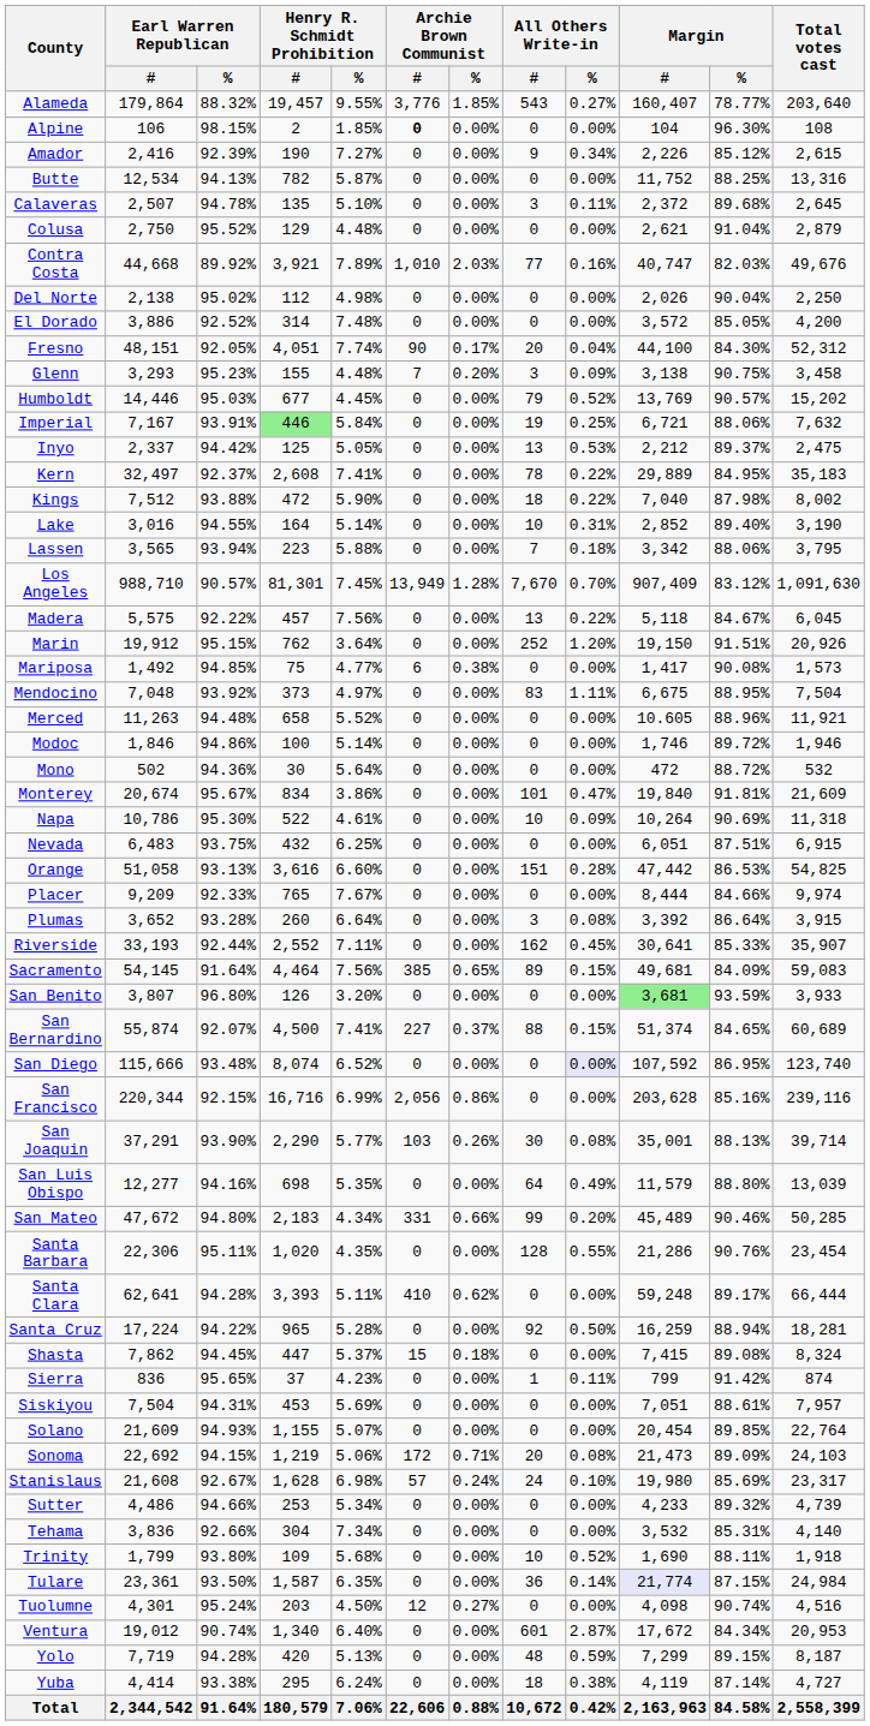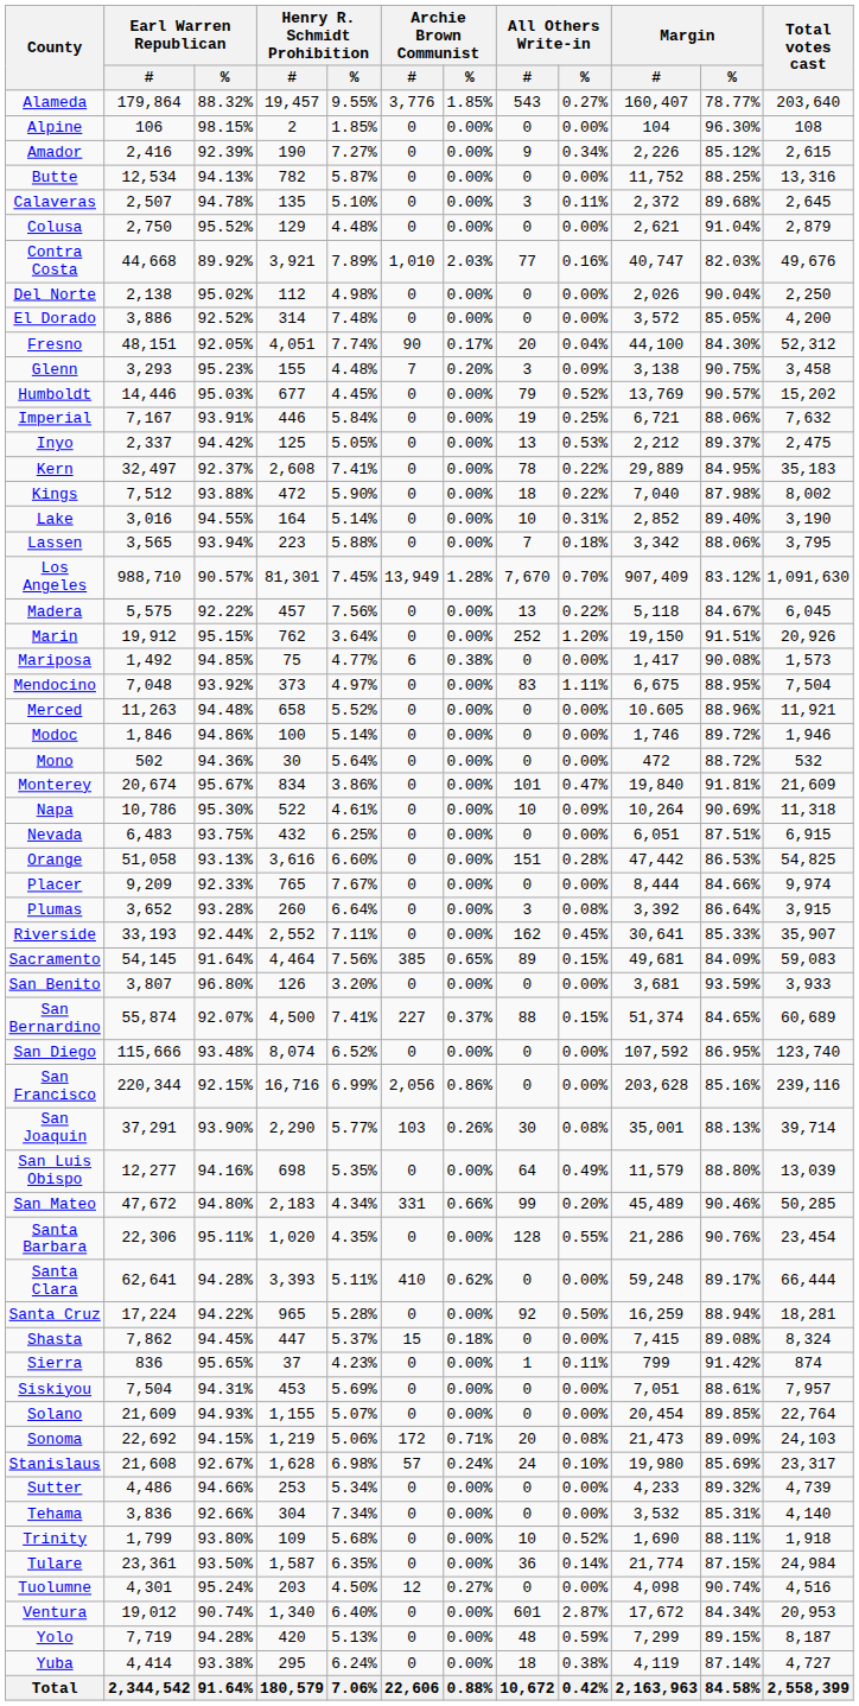 <table class="wikitable sortable" style="text-align:center">
 <tr>
 <th rowspan="2">County</th>
 <th style="text-align:center;" colspan="2">Earl Warren<br>Republican</th>
 <th style="text-align:center;" colspan="2">Henry R. Schmidt<br>Prohibition</th>
 <th style="text-align:center;" colspan="2">Archie Brown<br>Communist</th>
 <th style="text-align:center;" colspan="2">All Others<br>Write-in</th>
 <th style="text-align:center;" colspan="2">Margin</th>
 <th style="text-align:center;" rowspan="2">Total votes cast</th>
 </tr>
 <tr>
 <th style="text-align:center;" data-sort-type="number">#</th>
 <th style="text-align:center;" data-sort-type="number">%</th>
 <th style="text-align:center;" data-sort-type="number">#</th>
 <th style="text-align:center;" data-sort-type="number">%</th>
 <th style="text-align:center;" data-sort-type="number">#</th>
 <th style="text-align:center;" data-sort-type="number">%</th>
 <th style="text-align:center;" data-sort-type="number">#</th>
 <th style="text-align:center;" data-sort-type="number">%</th>
 <th style="text-align:center;" data-sort-type="number">#</th>
 <th style="text-align:center;" data-sort-type="number">%</th>
 </tr>
 <tr style="text-align:center;">
 <td><a href='#'>Alameda</a></td>
 <td>179,864</td>
 <td>88.32%</td>
 <td>19,457</td>
 <td>9.55%</td>
 <td>3,776</td>
 <td>1.85%</td>
 <td>543</td>
 <td>0.27%</td>
 <td>160,407</td>
 <td>78.77%</td>
 <td>203,640</td>
 </tr>
 <tr style="text-align:center;">
 <td><a href='#'>Alpine</a></td>
 <td>106</td>
 <td>98.15%</td>
 <td>2</td>
 <td>1.85%</td>
-<td><strong>0</strong></td>
+<td>0</td>
 <td>0.00%</td>
 <td>0</td>
 <td>0.00%</td>
 <td>104</td>
 <td>96.30%</td>
 <td>108</td>
 </tr>
 <tr style="text-align:center;">
 <td><a href='#'>Amador</a></td>
 <td>2,416</td>
 <td>92.39%</td>
 <td>190</td>
 <td>7.27%</td>
 <td>0</td>
 <td>0.00%</td>
 <td>9</td>
 <td>0.34%</td>
 <td>2,226</td>
 <td>85.12%</td>
 <td>2,615</td>
 </tr>
 <tr style="text-align:center;">
 <td><a href='#'>Butte</a></td>
 <td>12,534</td>
 <td>94.13%</td>
 <td>782</td>
 <td>5.87%</td>
 <td>0</td>
 <td>0.00%</td>
 <td>0</td>
 <td>0.00%</td>
 <td>11,752</td>
 <td>88.25%</td>
 <td>13,316</td>
 </tr>
 <tr style="text-align:center;">
 <td><a href='#'>Calaveras</a></td>
 <td>2,507</td>
 <td>94.78%</td>
 <td>135</td>
 <td>5.10%</td>
 <td>0</td>
 <td>0.00%</td>
 <td>3</td>
 <td>0.11%</td>
 <td>2,372</td>
 <td>89.68%</td>
 <td>2,645</td>
 </tr>
 <tr style="text-align:center;">
 <td><a href='#'>Colusa</a></td>
 <td>2,750</td>
 <td>95.52%</td>
 <td>129</td>
 <td>4.48%</td>
 <td>0</td>
 <td>0.00%</td>
 <td>0</td>
 <td>0.00%</td>
 <td>2,621</td>
 <td>91.04%</td>
 <td>2,879</td>
 </tr>
 <tr style="text-align:center;">
 <td><a href='#'>Contra Costa</a></td>
 <td>44,668</td>
 <td>89.92%</td>
 <td>3,921</td>
 <td>7.89%</td>
 <td>1,010</td>
 <td>2.03%</td>
 <td>77</td>
 <td>0.16%</td>
 <td>40,747</td>
 <td>82.03%</td>
 <td>49,676</td>
 </tr>
 <tr style="text-align:center;">
 <td><a href='#'>Del Norte</a></td>
 <td>2,138</td>
 <td>95.02%</td>
 <td>112</td>
 <td>4.98%</td>
 <td>0</td>
 <td>0.00%</td>
 <td>0</td>
 <td>0.00%</td>
 <td>2,026</td>
 <td>90.04%</td>
 <td>2,250</td>
 </tr>
 <tr style="text-align:center;">
 <td><a href='#'>El Dorado</a></td>
 <td>3,886</td>
 <td>92.52%</td>
 <td>314</td>
 <td>7.48%</td>
 <td>0</td>
 <td>0.00%</td>
 <td>0</td>
 <td>0.00%</td>
 <td>3,572</td>
 <td>85.05%</td>
 <td>4,200</td>
 </tr>
 <tr style="text-align:center;">
 <td><a href='#'>Fresno</a></td>
 <td>48,151</td>
 <td>92.05%</td>
 <td>4,051</td>
 <td>7.74%</td>
 <td>90</td>
 <td>0.17%</td>
 <td>20</td>
 <td>0.04%</td>
 <td>44,100</td>
 <td>84.30%</td>
 <td>52,312</td>
 </tr>
 <tr style="text-align:center;">
 <td><a href='#'>Glenn</a></td>
 <td>3,293</td>
 <td>95.23%</td>
 <td>155</td>
 <td>4.48%</td>
 <td>7</td>
 <td>0.20%</td>
 <td>3</td>
 <td>0.09%</td>
 <td>3,138</td>
 <td>90.75%</td>
 <td>3,458</td>
 </tr>
 <tr style="text-align:center;">
 <td><a href='#'>Humboldt</a></td>
 <td>14,446</td>
 <td>95.03%</td>
 <td>677</td>
 <td>4.45%</td>
 <td>0</td>
 <td>0.00%</td>
 <td>79</td>
 <td>0.52%</td>
 <td>13,769</td>
 <td>90.57%</td>
 <td>15,202</td>
 </tr>
 <tr style="text-align:center;">
 <td><a href='#'>Imperial</a></td>
 <td>7,167</td>
 <td>93.91%</td>
-<td style="background: lightgreen;">446</td>
+<td>446</td>
 <td>5.84%</td>
 <td>0</td>
 <td>0.00%</td>
 <td>19</td>
 <td>0.25%</td>
 <td>6,721</td>
 <td>88.06%</td>
 <td>7,632</td>
 </tr>
 <tr style="text-align:center;">
 <td><a href='#'>Inyo</a></td>
 <td>2,337</td>
 <td>94.42%</td>
 <td>125</td>
 <td>5.05%</td>
 <td>0</td>
 <td>0.00%</td>
 <td>13</td>
 <td>0.53%</td>
 <td>2,212</td>
 <td>89.37%</td>
 <td>2,475</td>
 </tr>
 <tr style="text-align:center;">
 <td><a href='#'>Kern</a></td>
 <td>32,497</td>
 <td>92.37%</td>
 <td>2,608</td>
 <td>7.41%</td>
 <td>0</td>
 <td>0.00%</td>
 <td>78</td>
 <td>0.22%</td>
 <td>29,889</td>
 <td>84.95%</td>
 <td>35,183</td>
 </tr>
 <tr style="text-align:center;">
 <td><a href='#'>Kings</a></td>
 <td>7,512</td>
 <td>93.88%</td>
 <td>472</td>
 <td>5.90%</td>
 <td>0</td>
 <td>0.00%</td>
 <td>18</td>
 <td>0.22%</td>
 <td>7,040</td>
 <td>87.98%</td>
 <td>8,002</td>
 </tr>
 <tr style="text-align:center;">
 <td><a href='#'>Lake</a></td>
 <td>3,016</td>
 <td>94.55%</td>
 <td>164</td>
 <td>5.14%</td>
 <td>0</td>
 <td>0.00%</td>
 <td>10</td>
 <td>0.31%</td>
 <td>2,852</td>
 <td>89.40%</td>
 <td>3,190</td>
 </tr>
 <tr style="text-align:center;">
 <td><a href='#'>Lassen</a></td>
 <td>3,565</td>
 <td>93.94%</td>
 <td>223</td>
 <td>5.88%</td>
 <td>0</td>
 <td>0.00%</td>
 <td>7</td>
 <td>0.18%</td>
 <td>3,342</td>
 <td>88.06%</td>
 <td>3,795</td>
 </tr>
 <tr style="text-align:center;">
 <td><a href='#'>Los Angeles</a></td>
 <td>988,710</td>
 <td>90.57%</td>
 <td>81,301</td>
 <td>7.45%</td>
 <td>13,949</td>
 <td>1.28%</td>
 <td>7,670</td>
 <td>0.70%</td>
 <td>907,409</td>
 <td>83.12%</td>
 <td>1,091,630</td>
 </tr>
 <tr style="text-align:center;">
 <td><a href='#'>Madera</a></td>
 <td>5,575</td>
 <td>92.22%</td>
 <td>457</td>
 <td>7.56%</td>
 <td>0</td>
 <td>0.00%</td>
 <td>13</td>
 <td>0.22%</td>
 <td>5,118</td>
 <td>84.67%</td>
 <td>6,045</td>
 </tr>
 <tr style="text-align:center;">
 <td><a href='#'>Marin</a></td>
 <td>19,912</td>
 <td>95.15%</td>
 <td>762</td>
 <td>3.64%</td>
 <td>0</td>
 <td>0.00%</td>
 <td>252</td>
 <td>1.20%</td>
 <td>19,150</td>
 <td>91.51%</td>
 <td>20,926</td>
 </tr>
 <tr style="text-align:center;">
 <td><a href='#'>Mariposa</a></td>
 <td>1,492</td>
 <td>94.85%</td>
 <td>75</td>
 <td>4.77%</td>
 <td>6</td>
 <td>0.38%</td>
 <td>0</td>
 <td>0.00%</td>
 <td>1,417</td>
 <td>90.08%</td>
 <td>1,573</td>
 </tr>
 <tr style="text-align:center;">
 <td><a href='#'>Mendocino</a></td>
 <td>7,048</td>
 <td>93.92%</td>
 <td>373</td>
 <td>4.97%</td>
 <td>0</td>
 <td>0.00%</td>
 <td>83</td>
 <td>1.11%</td>
 <td>6,675</td>
 <td>88.95%</td>
 <td>7,504</td>
 </tr>
 <tr style="text-align:center;">
 <td><a href='#'>Merced</a></td>
 <td>11,263</td>
 <td>94.48%</td>
 <td>658</td>
 <td>5.52%</td>
 <td>0</td>
 <td>0.00%</td>
 <td>0</td>
 <td>0.00%</td>
 <td>10.605</td>
 <td>88.96%</td>
 <td>11,921</td>
 </tr>
 <tr style="text-align:center;">
 <td><a href='#'>Modoc</a></td>
 <td>1,846</td>
 <td>94.86%</td>
 <td>100</td>
 <td>5.14%</td>
 <td>0</td>
 <td>0.00%</td>
 <td>0</td>
 <td>0.00%</td>
 <td>1,746</td>
 <td>89.72%</td>
 <td>1,946</td>
 </tr>
 <tr style="text-align:center;">
 <td><a href='#'>Mono</a></td>
 <td>502</td>
 <td>94.36%</td>
 <td>30</td>
 <td>5.64%</td>
 <td>0</td>
 <td>0.00%</td>
 <td>0</td>
 <td>0.00%</td>
 <td>472</td>
 <td>88.72%</td>
 <td>532</td>
 </tr>
 <tr style="text-align:center;">
 <td><a href='#'>Monterey</a></td>
 <td>20,674</td>
 <td>95.67%</td>
 <td>834</td>
 <td>3.86%</td>
 <td>0</td>
 <td>0.00%</td>
 <td>101</td>
 <td>0.47%</td>
 <td>19,840</td>
 <td>91.81%</td>
 <td>21,609</td>
 </tr>
 <tr style="text-align:center;">
 <td><a href='#'>Napa</a></td>
 <td>10,786</td>
 <td>95.30%</td>
 <td>522</td>
 <td>4.61%</td>
 <td>0</td>
 <td>0.00%</td>
 <td>10</td>
 <td>0.09%</td>
 <td>10,264</td>
 <td>90.69%</td>
 <td>11,318</td>
 </tr>
 <tr style="text-align:center;">
 <td><a href='#'>Nevada</a></td>
 <td>6,483</td>
 <td>93.75%</td>
 <td>432</td>
 <td>6.25%</td>
 <td>0</td>
 <td>0.00%</td>
 <td>0</td>
 <td>0.00%</td>
 <td>6,051</td>
 <td>87.51%</td>
 <td>6,915</td>
 </tr>
 <tr style="text-align:center;">
 <td><a href='#'>Orange</a></td>
 <td>51,058</td>
 <td>93.13%</td>
 <td>3,616</td>
 <td>6.60%</td>
 <td>0</td>
 <td>0.00%</td>
 <td>151</td>
 <td>0.28%</td>
 <td>47,442</td>
 <td>86.53%</td>
 <td>54,825</td>
 </tr>
 <tr style="text-align:center;">
 <td><a href='#'>Placer</a></td>
 <td>9,209</td>
 <td>92.33%</td>
 <td>765</td>
 <td>7.67%</td>
 <td>0</td>
 <td>0.00%</td>
 <td>0</td>
 <td>0.00%</td>
 <td>8,444</td>
 <td>84.66%</td>
 <td>9,974</td>
 </tr>
 <tr style="text-align:center;">
 <td><a href='#'>Plumas</a></td>
 <td>3,652</td>
 <td>93.28%</td>
 <td>260</td>
 <td>6.64%</td>
 <td>0</td>
 <td>0.00%</td>
 <td>3</td>
 <td>0.08%</td>
 <td>3,392</td>
 <td>86.64%</td>
 <td>3,915</td>
 </tr>
 <tr style="text-align:center;">
 <td><a href='#'>Riverside</a></td>
 <td>33,193</td>
 <td>92.44%</td>
 <td>2,552</td>
 <td>7.11%</td>
 <td>0</td>
 <td>0.00%</td>
 <td>162</td>
 <td>0.45%</td>
 <td>30,641</td>
 <td>85.33%</td>
 <td>35,907</td>
 </tr>
 <tr style="text-align:center;">
 <td><a href='#'>Sacramento</a></td>
 <td>54,145</td>
 <td>91.64%</td>
 <td>4,464</td>
 <td>7.56%</td>
 <td>385</td>
 <td>0.65%</td>
 <td>89</td>
 <td>0.15%</td>
 <td>49,681</td>
 <td>84.09%</td>
 <td>59,083</td>
 </tr>
 <tr style="text-align:center;">
 <td><a href='#'>San Benito</a></td>
 <td>3,807</td>
 <td>96.80%</td>
 <td>126</td>
 <td>3.20%</td>
 <td>0</td>
 <td>0.00%</td>
 <td>0</td>
 <td>0.00%</td>
-<td style="background: lightgreen;">3,681</td>
+<td>3,681</td>
 <td>93.59%</td>
 <td>3,933</td>
 </tr>
 <tr style="text-align:center;">
 <td><a href='#'>San Bernardino</a></td>
 <td>55,874</td>
 <td>92.07%</td>
 <td>4,500</td>
 <td>7.41%</td>
 <td>227</td>
 <td>0.37%</td>
 <td>88</td>
 <td>0.15%</td>
 <td>51,374</td>
 <td>84.65%</td>
 <td>60,689</td>
 </tr>
 <tr style="text-align:center;">
 <td><a href='#'>San Diego</a></td>
 <td>115,666</td>
 <td>93.48%</td>
 <td>8,074</td>
 <td>6.52%</td>
 <td>0</td>
 <td>0.00%</td>
 <td>0</td>
-<td style="background: lavender;">0.00%</td>
+<td>0.00%</td>
 <td>107,592</td>
 <td>86.95%</td>
 <td>123,740</td>
 </tr>
 <tr style="text-align:center;">
 <td><a href='#'>San Francisco</a></td>
 <td>220,344</td>
 <td>92.15%</td>
 <td>16,716</td>
 <td>6.99%</td>
 <td>2,056</td>
 <td>0.86%</td>
 <td>0</td>
 <td>0.00%</td>
 <td>203,628</td>
 <td>85.16%</td>
 <td>239,116</td>
 </tr>
 <tr style="text-align:center;">
 <td><a href='#'>San Joaquin</a></td>
 <td>37,291</td>
 <td>93.90%</td>
 <td>2,290</td>
 <td>5.77%</td>
 <td>103</td>
 <td>0.26%</td>
 <td>30</td>
 <td>0.08%</td>
 <td>35,001</td>
 <td>88.13%</td>
 <td>39,714</td>
 </tr>
 <tr style="text-align:center;">
 <td><a href='#'>San Luis Obispo</a></td>
 <td>12,277</td>
 <td>94.16%</td>
 <td>698</td>
 <td>5.35%</td>
 <td>0</td>
 <td>0.00%</td>
 <td>64</td>
 <td>0.49%</td>
 <td>11,579</td>
 <td>88.80%</td>
 <td>13,039</td>
 </tr>
 <tr style="text-align:center;">
 <td><a href='#'>San Mateo</a></td>
 <td>47,672</td>
 <td>94.80%</td>
 <td>2,183</td>
 <td>4.34%</td>
 <td>331</td>
 <td>0.66%</td>
 <td>99</td>
 <td>0.20%</td>
 <td>45,489</td>
 <td>90.46%</td>
 <td>50,285</td>
 </tr>
 <tr style="text-align:center;">
 <td><a href='#'>Santa Barbara</a></td>
 <td>22,306</td>
 <td>95.11%</td>
 <td>1,020</td>
 <td>4.35%</td>
 <td>0</td>
 <td>0.00%</td>
 <td>128</td>
 <td>0.55%</td>
 <td>21,286</td>
 <td>90.76%</td>
 <td>23,454</td>
 </tr>
 <tr style="text-align:center;">
 <td><a href='#'>Santa Clara</a></td>
 <td>62,641</td>
 <td>94.28%</td>
 <td>3,393</td>
 <td>5.11%</td>
 <td>410</td>
 <td>0.62%</td>
 <td>0</td>
 <td>0.00%</td>
 <td>59,248</td>
 <td>89.17%</td>
 <td>66,444</td>
 </tr>
 <tr style="text-align:center;">
 <td><a href='#'>Santa Cruz</a></td>
 <td>17,224</td>
 <td>94.22%</td>
 <td>965</td>
 <td>5.28%</td>
 <td>0</td>
 <td>0.00%</td>
 <td>92</td>
 <td>0.50%</td>
 <td>16,259</td>
 <td>88.94%</td>
 <td>18,281</td>
 </tr>
 <tr style="text-align:center;">
 <td><a href='#'>Shasta</a></td>
 <td>7,862</td>
 <td>94.45%</td>
 <td>447</td>
 <td>5.37%</td>
 <td>15</td>
 <td>0.18%</td>
 <td>0</td>
 <td>0.00%</td>
 <td>7,415</td>
 <td>89.08%</td>
 <td>8,324</td>
 </tr>
 <tr style="text-align:center;">
 <td><a href='#'>Sierra</a></td>
 <td>836</td>
 <td>95.65%</td>
 <td>37</td>
 <td>4.23%</td>
 <td>0</td>
 <td>0.00%</td>
 <td>1</td>
 <td>0.11%</td>
 <td>799</td>
 <td>91.42%</td>
 <td>874</td>
 </tr>
 <tr style="text-align:center;">
 <td><a href='#'>Siskiyou</a></td>
 <td>7,504</td>
 <td>94.31%</td>
 <td>453</td>
 <td>5.69%</td>
 <td>0</td>
 <td>0.00%</td>
 <td>0</td>
 <td>0.00%</td>
 <td>7,051</td>
 <td>88.61%</td>
 <td>7,957</td>
 </tr>
 <tr style="text-align:center;">
 <td><a href='#'>Solano</a></td>
 <td>21,609</td>
 <td>94.93%</td>
 <td>1,155</td>
 <td>5.07%</td>
 <td>0</td>
 <td>0.00%</td>
 <td>0</td>
 <td>0.00%</td>
 <td>20,454</td>
 <td>89.85%</td>
 <td>22,764</td>
 </tr>
 <tr style="text-align:center;">
 <td><a href='#'>Sonoma</a></td>
 <td>22,692</td>
 <td>94.15%</td>
 <td>1,219</td>
 <td>5.06%</td>
 <td>172</td>
 <td>0.71%</td>
 <td>20</td>
 <td>0.08%</td>
 <td>21,473</td>
 <td>89.09%</td>
 <td>24,103</td>
 </tr>
 <tr style="text-align:center;">
 <td><a href='#'>Stanislaus</a></td>
 <td>21,608</td>
 <td>92.67%</td>
 <td>1,628</td>
 <td>6.98%</td>
 <td>57</td>
 <td>0.24%</td>
 <td>24</td>
 <td>0.10%</td>
 <td>19,980</td>
 <td>85.69%</td>
 <td>23,317</td>
 </tr>
 <tr style="text-align:center;">
 <td><a href='#'>Sutter</a></td>
 <td>4,486</td>
 <td>94.66%</td>
 <td>253</td>
 <td>5.34%</td>
 <td>0</td>
 <td>0.00%</td>
 <td>0</td>
 <td>0.00%</td>
 <td>4,233</td>
 <td>89.32%</td>
 <td>4,739</td>
 </tr>
 <tr style="text-align:center;">
 <td><a href='#'>Tehama</a></td>
 <td>3,836</td>
 <td>92.66%</td>
 <td>304</td>
 <td>7.34%</td>
 <td>0</td>
 <td>0.00%</td>
 <td>0</td>
 <td>0.00%</td>
 <td>3,532</td>
 <td>85.31%</td>
 <td>4,140</td>
 </tr>
 <tr style="text-align:center;">
 <td><a href='#'>Trinity</a></td>
 <td>1,799</td>
 <td>93.80%</td>
 <td>109</td>
 <td>5.68%</td>
 <td>0</td>
 <td>0.00%</td>
 <td>10</td>
 <td>0.52%</td>
 <td>1,690</td>
 <td>88.11%</td>
 <td>1,918</td>
 </tr>
 <tr style="text-align:center;">
 <td><a href='#'>Tulare</a></td>
 <td>23,361</td>
 <td>93.50%</td>
 <td>1,587</td>
 <td>6.35%</td>
 <td>0</td>
 <td>0.00%</td>
 <td>36</td>
 <td>0.14%</td>
-<td style="background: lavender;">21,774</td>
+<td>21,774</td>
 <td>87.15%</td>
 <td>24,984</td>
 </tr>
 <tr style="text-align:center;">
 <td><a href='#'>Tuolumne</a></td>
 <td>4,301</td>
 <td>95.24%</td>
 <td>203</td>
 <td>4.50%</td>
 <td>12</td>
 <td>0.27%</td>
 <td>0</td>
 <td>0.00%</td>
 <td>4,098</td>
 <td>90.74%</td>
 <td>4,516</td>
 </tr>
 <tr style="text-align:center;">
 <td><a href='#'>Ventura</a></td>
 <td>19,012</td>
 <td>90.74%</td>
 <td>1,340</td>
 <td>6.40%</td>
 <td>0</td>
 <td>0.00%</td>
 <td>601</td>
 <td>2.87%</td>
 <td>17,672</td>
 <td>84.34%</td>
 <td>20,953</td>
 </tr>
 <tr style="text-align:center;">
 <td><a href='#'>Yolo</a></td>
 <td>7,719</td>
 <td>94.28%</td>
 <td>420</td>
 <td>5.13%</td>
 <td>0</td>
 <td>0.00%</td>
 <td>48</td>
 <td>0.59%</td>
 <td>7,299</td>
 <td>89.15%</td>
 <td>8,187</td>
 </tr>
 <tr style="text-align:center;">
 <td><a href='#'>Yuba</a></td>
 <td>4,414</td>
 <td>93.38%</td>
 <td>295</td>
 <td>6.24%</td>
 <td>0</td>
 <td>0.00%</td>
 <td>18</td>
 <td>0.38%</td>
 <td>4,119</td>
 <td>87.14%</td>
 <td>4,727</td>
 </tr>
 <tr style="text-align:center;">
 <th>Total</th>
 <th>2,344,542</th>
 <th>91.64%</th>
 <th>180,579</th>
 <th>7.06%</th>
 <th>22,606</th>
 <th>0.88%</th>
 <th>10,672</th>
 <th>0.42%</th>
 <th>2,163,963</th>
 <th>84.58%</th>
 <th>2,558,399</th>
 </tr>
 </table>
